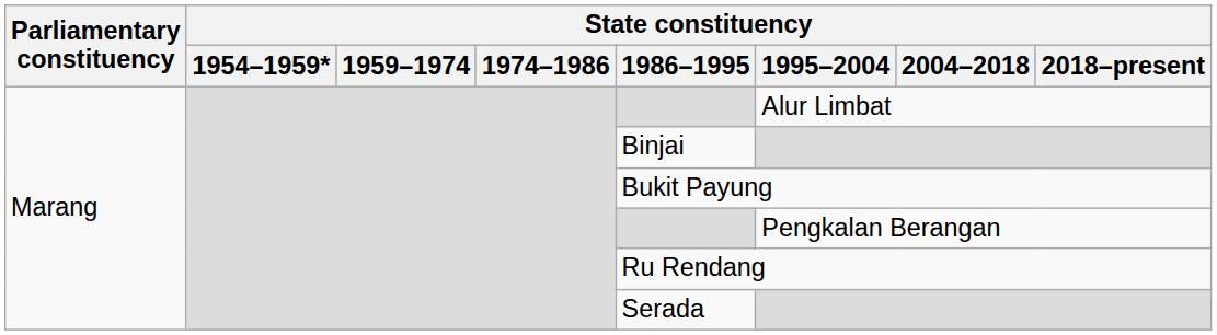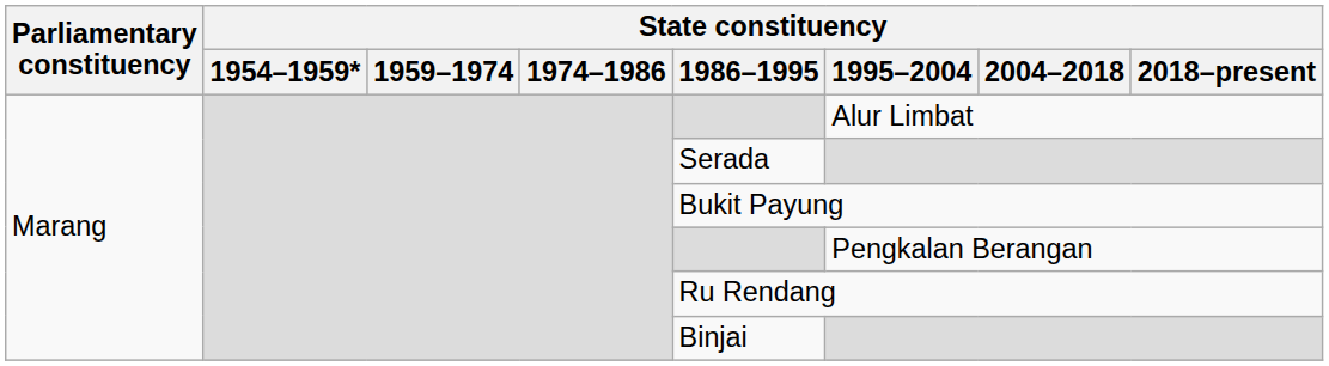 <table class="wikitable">
 <tr>
 <th rowspan="2">Parliamentary<br>constituency</th>
 <th colspan="7">State constituency</th>
 </tr>
 <tr>
 <th>1954–1959*</th>
 <th>1959–1974</th>
 <th>1974–1986</th>
 <th>1986–1995</th>
 <th>1995–2004</th>
 <th>2004–2018</th>
 <th>2018–present</th>
 </tr>
 <tr>
 <td rowspan="6">Marang</td>
 <td colspan="3" rowspan="6" bgcolor="dcdcdc"></td>
 <td bgcolor="dcdcdc"></td>
 <td colspan="3">Alur Limbat</td>
 </tr>
 <tr>
-<td>Binjai</td>
+<td>Serada</td>
 <td colspan="3" bgcolor="dcdcdc"></td>
 </tr>
 <tr>
 <td colspan="4">Bukit Payung</td>
 </tr>
 <tr>
 <td bgcolor="dcdcdc"></td>
 <td colspan="3">Pengkalan Berangan</td>
 </tr>
 <tr>
 <td colspan="4">Ru Rendang</td>
 </tr>
 <tr>
-<td>Serada</td>
+<td>Binjai</td>
 <td colspan="3" bgcolor="dcdcdc"></td>
 </tr>
 </table>
